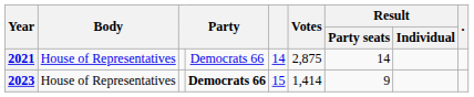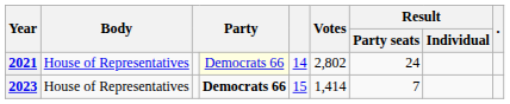 <table class="wikitable plainrowheaders sortable" border=2 cellpadding=4 cellspacing=0 style="border: 1px #aaa solid; font-size: 90%; text-align:center;">
 <tr>
 <th scope="col" rowspan=2>Year</th>
 <th scope="col" rowspan=2>Body</th>
 <th scope="col" colspan=2 rowspan=2>Party</th>
 <th scope="col" rowspan=2></th>
 <th scope="col" rowspan=2>Votes</th>
 <th scope="colgroup" colspan=2>Result</th>
 <th scope="col" rowspan=2 class="unsortable">.</th>
 </tr>
 <tr>
 <th scope="col">Party seats</th>
 <th scope="col">Individual</th>
 </tr>
 <tr>
 <th scope="row"><a href='#'>2021</a></th>
 <td><a href='#'>House of Representatives</a></td>
 <td style="background-color:"></td>
-<td><a href='#'>Democrats 66</a></td>
+<td style="background: lightyellow;"><a href='#'>Democrats 66</a></td>
 <td style=text-align:right><a href='#'>14</a></td>
-<td style=text-align:right>2,875</td>
-<td style=text-align:right>14</td>
+<td style=text-align:right>2,802</td>
+<td style=text-align:right>24</td>
 <td></td>
 <td></td>
 </tr>
 <tr>
 <th scope="row"><a href='#'>2023</a></th>
 <td>House of Representatives</td>
 <td style="background-color:"></td>
 <td><strong>Democrats 66</strong></td>
 <td style=text-align:right><a href='#'>15</a></td>
 <td style=text-align:right>1,414</td>
-<td style=text-align:right>9</td>
+<td style=text-align:right>7</td>
 <td></td>
 <td></td>
 </tr>
 </table>
